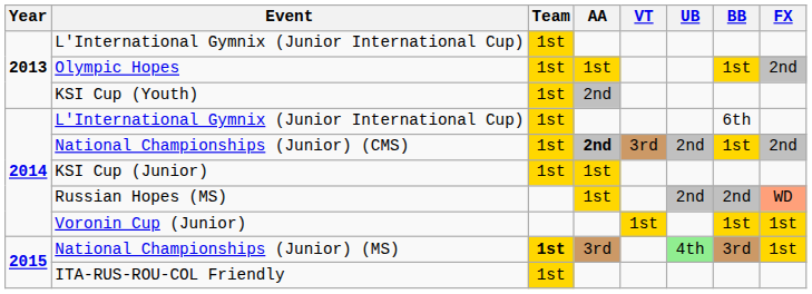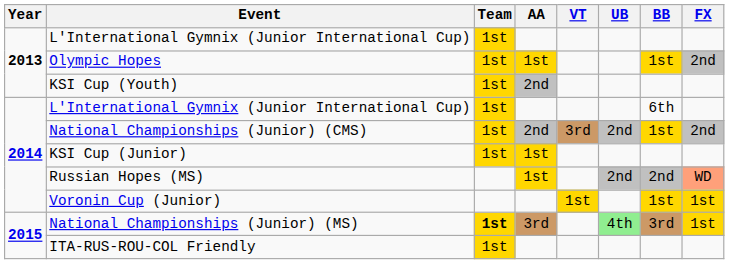 <table class="wikitable" style="text-align:center; font-size: 95%;">
 <tr>
 <th>Year</th>
 <th>Event</th>
 <th style="width:30px;">Team</th>
 <th style="width:30px;">AA</th>
 <th style="width:30px;"><a href='#'>VT</a></th>
 <th style="width:30px;"><a href='#'>UB</a></th>
 <th style="width:30px;"><a href='#'>BB</a></th>
 <th style="width:30px;"><a href='#'>FX</a></th>
 </tr>
 <tr>
 <td rowspan="3"><strong>2013</strong></td>
 <td align=left>L'International Gymnix (Junior International Cup)</td>
 <td style="background: gold">1st</td>
 <td></td>
 <td></td>
 <td></td>
 <td></td>
 <td></td>
 </tr>
 <tr>
 <td align=left><a href='#'>Olympic Hopes</a></td>
 <td style="background: gold">1st</td>
 <td style="background: gold">1st</td>
 <td></td>
 <td></td>
 <td style="background: gold">1st</td>
 <td style="background:silver;">2nd</td>
 </tr>
 <tr>
 <td align=left>KSI Cup (Youth)</td>
 <td style="background: gold">1st</td>
 <td style="background:silver;">2nd</td>
 <td></td>
 <td></td>
 <td></td>
 <td></td>
 </tr>
 <tr>
 <td rowspan="5"><strong><a href='#'>2014</a></strong></td>
 <td align=left><a href='#'>L'International Gymnix</a> (Junior International Cup)</td>
 <td style="background: gold">1st</td>
 <td></td>
 <td></td>
 <td></td>
 <td>6th</td>
 <td></td>
 </tr>
 <tr>
 <td align=left><a href='#'>National Championships</a> (Junior)  (CMS)</td>
 <td style="background: gold">1st</td>
-<td style="background:silver;"><strong>2nd</strong></td>
+<td style="background:silver;">2nd</td>
 <td style="background:#c96;">3rd</td>
 <td style="background:silver;">2nd</td>
 <td style="background: gold">1st</td>
 <td style="background:silver;">2nd</td>
 </tr>
 <tr>
 <td align=left>KSI Cup (Junior)</td>
 <td style="background: gold">1st</td>
 <td style="background: gold">1st</td>
 <td></td>
 <td></td>
 <td></td>
 <td></td>
 </tr>
 <tr>
 <td align=left>Russian Hopes (MS)</td>
 <td></td>
 <td style="background: gold">1st</td>
 <td></td>
 <td style="background:silver;">2nd</td>
 <td style="background:silver;">2nd</td>
 <td style="background: lightsalmon;">WD</td>
 </tr>
 <tr>
 <td align=left><a href='#'>Voronin Cup</a> (Junior)</td>
 <td></td>
 <td></td>
 <td style="background: gold">1st</td>
 <td></td>
 <td style="background: gold">1st</td>
 <td style="background: gold">1st</td>
 </tr>
 <tr>
 <td rowspan="2"><strong><a href='#'>2015</a></strong></td>
 <td align=left><a href='#'>National Championships</a> (Junior)  (MS)</td>
 <td style="background: gold"><strong>1st</strong></td>
 <td style="background:#c96;">3rd</td>
 <td></td>
 <td style="background: lightgreen;">4th</td>
 <td style="background:#c96;">3rd</td>
 <td style="background: gold">1st</td>
 </tr>
 <tr>
 <td align=left>ITA-RUS-ROU-COL Friendly</td>
 <td style="background: gold">1st</td>
 <td></td>
 <td></td>
 <td></td>
 <td></td>
 <td></td>
 </tr>
 </table>
